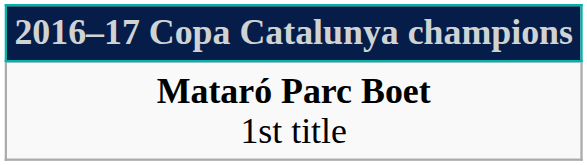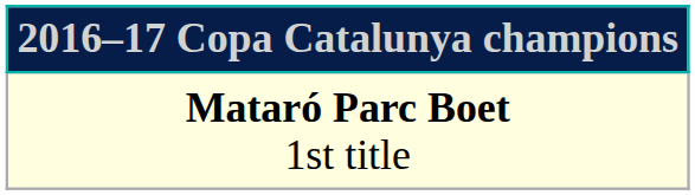 <table class=wikitable style="text-align:center; margin:auto">
 <tr>
 <th style="background: #071D49; color: #D0D3D4; border: 1px solid #00B2A9;">2016–17 Copa Catalunya champions</th>
 </tr>
 <tr>
-<td><strong>Mataró Parc Boet</strong><br>1st title</td>
+<td style="background: lightyellow;"><strong>Mataró Parc Boet</strong><br>1st title</td>
 </tr>
 </table>
